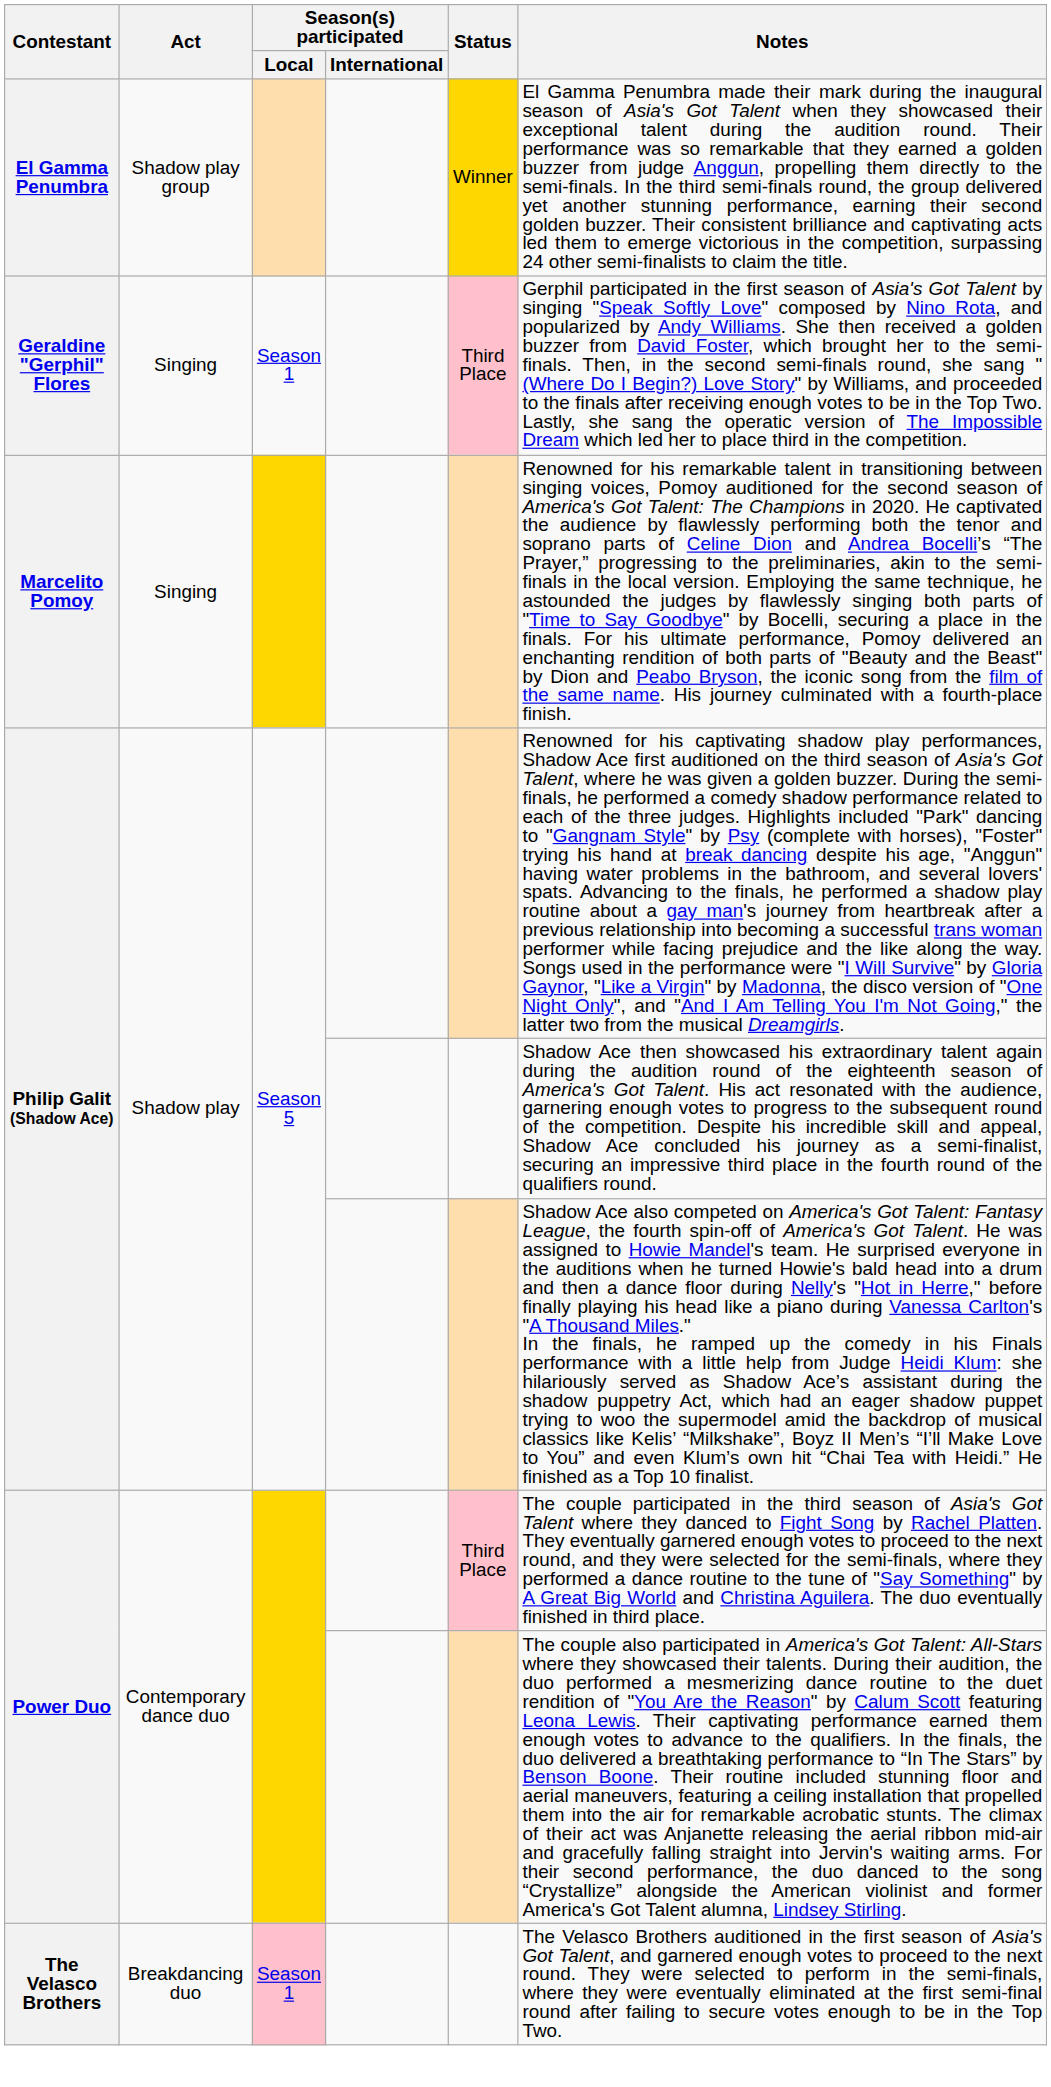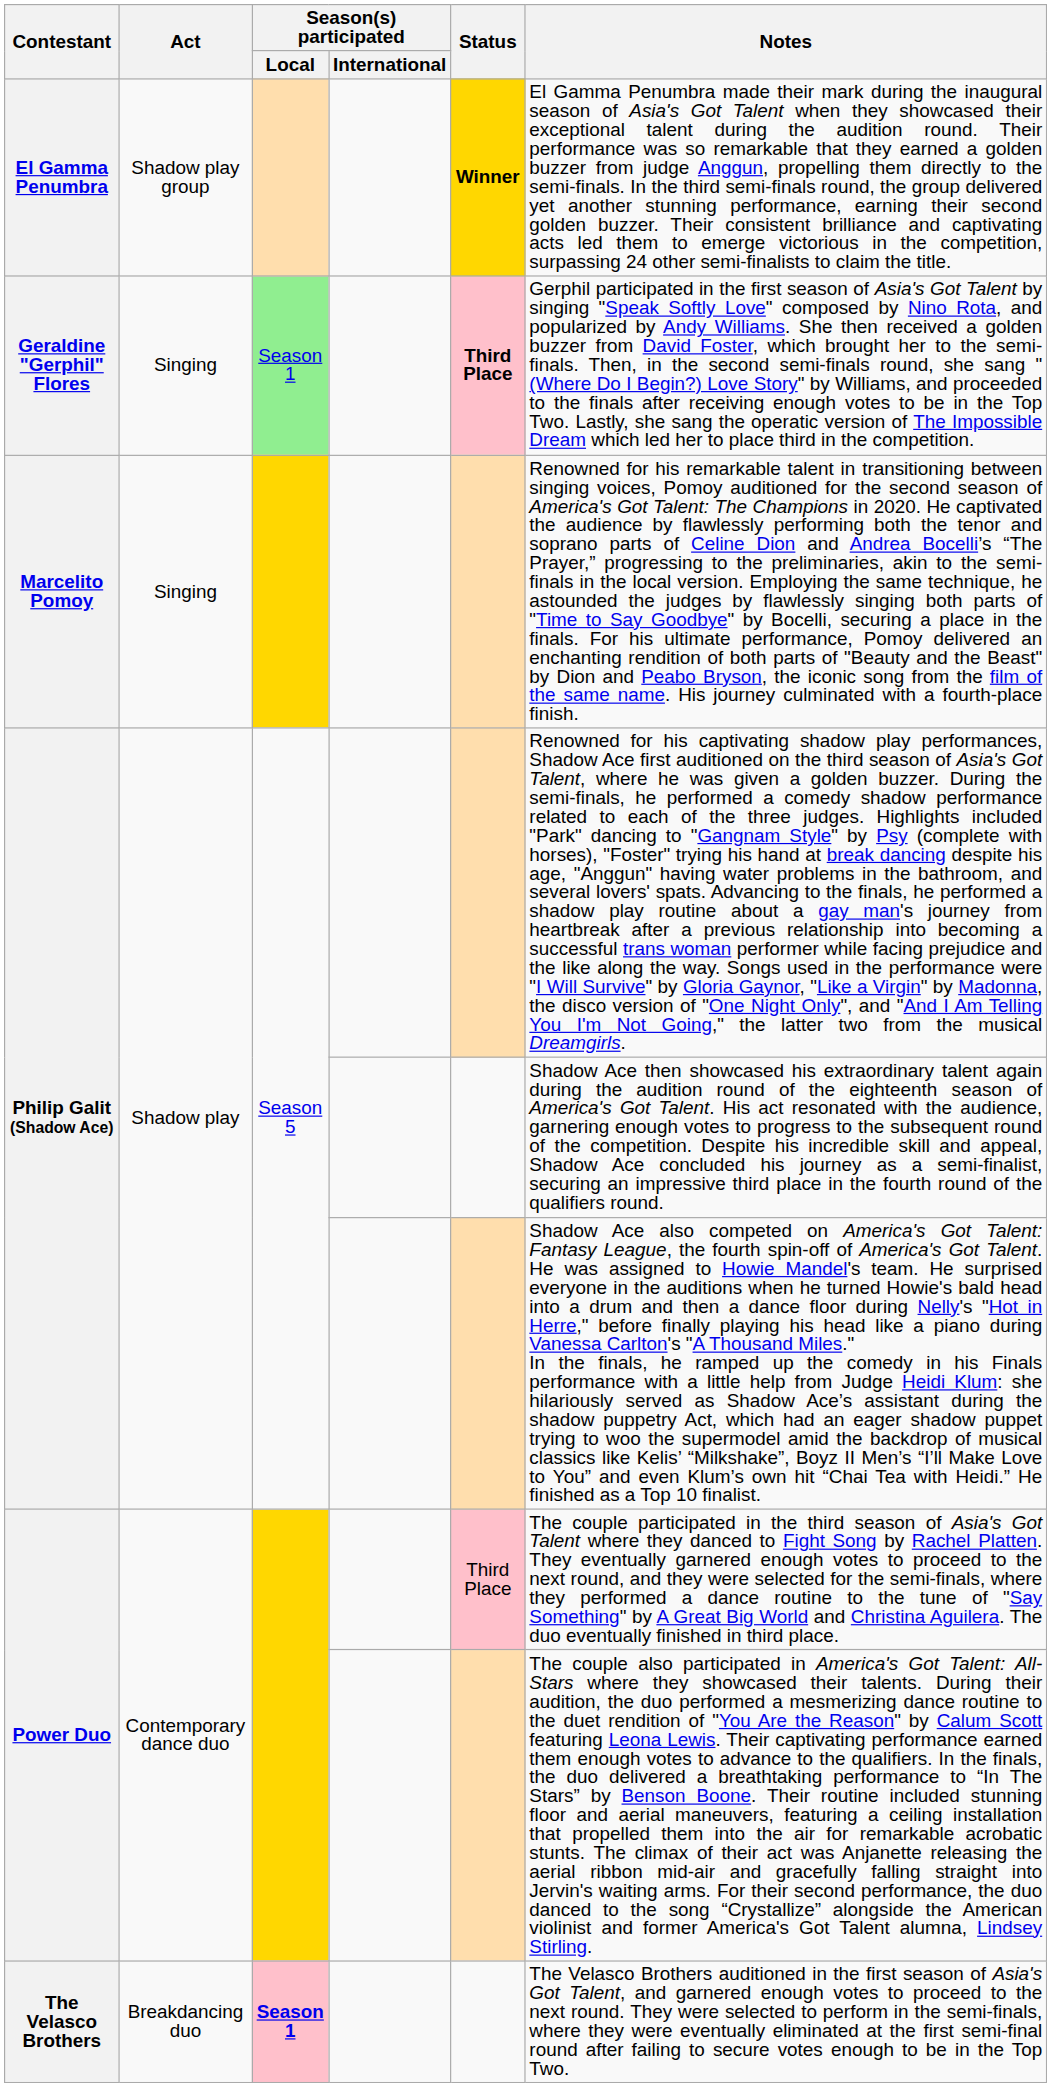 <table class="wikitable collapsible collapsed" style="text-align:center; line-height:16px;" width="100%">
 <tr>
 <th rowspan="2">Contestant</th>
 <th rowspan="2">Act</th>
 <th colspan="2">Season(s) participated</th>
 <th rowspan="2">Status</th>
 <th rowspan="2">Notes</th>
 </tr>
 <tr>
 <th>Local</th>
 <th>International</th>
 </tr>
 <tr>
 <th><a href='#'>El Gamma Penumbra</a></th>
 <td align="center">Shadow play group</td>
 <td style="background:navajowhite;"></td>
 <td><a href='#'></a></td>
-<td style="background:gold;">Winner</td>
+<td style="background:gold;"><strong>Winner</strong></td>
 <td align="justify">El Gamma Penumbra made their mark during the inaugural season of <em>Asia's Got Talent</em> when they showcased their exceptional talent during the audition round. Their performance was so remarkable that they earned a golden buzzer from judge <a href='#'>Anggun</a>, propelling them directly to the semi-finals. In the third semi-finals round, the group delivered yet another stunning performance, earning their second golden buzzer. Their consistent brilliance and captivating acts led them to emerge victorious in the competition, surpassing 24 other semi-finalists to claim the title.</td>
 </tr>
 <tr>
 <th><a href='#'>Geraldine "Gerphil" Flores</a></th>
 <td align="center">Singing</td>
-<td><a href='#'>Season 1</a><br><small></small></td>
+<td style="background: lightgreen;"><a href='#'>Season 1</a><br><small></small></td>
 <td><a href='#'></a></td>
-<td style="background:pink;">Third Place</td>
+<td style="background:pink;"><strong>Third Place</strong></td>
 <td align="justify">Gerphil participated in the first season of <em>Asia's Got Talent</em> by singing "<a href='#'>Speak Softly Love</a>" composed by  <a href='#'>Nino Rota</a>, and popularized by <a href='#'>Andy Williams</a>. She then received a golden buzzer from <a href='#'>David Foster</a>, which brought her to the semi-finals. Then, in the second semi-finals round, she sang "<a href='#'>(Where Do I Begin?) Love Story</a>" by Williams, and proceeded to the finals after receiving enough votes to be in the Top Two. Lastly, she sang the operatic version of <a href='#'>The Impossible Dream</a> which led her to place third in the competition.</td>
 </tr>
 <tr>
 <th><a href='#'>Marcelito Pomoy</a></th>
 <td align="center">Singing</td>
 <td style="background:gold;"></td>
 <td><a href='#'></a></td>
 <td style="background:navajowhite;"></td>
 <td align="justify">Renowned for his remarkable talent in transitioning between singing voices, Pomoy auditioned for the second season of <em>America's Got Talent: The Champions</em> in 2020. He captivated the audience by flawlessly performing both the tenor and soprano parts of <a href='#'>Celine Dion</a> and <a href='#'>Andrea Bocelli</a>’s “The Prayer,” progressing to the preliminaries, akin to the semi-finals in the local version. Employing the same technique, he astounded the judges by flawlessly singing both parts of "<a href='#'>Time to Say Goodbye</a>" by Bocelli, securing a place in the finals. For his ultimate performance, Pomoy delivered an enchanting rendition of both parts of "Beauty and the Beast" by Dion and <a href='#'>Peabo Bryson</a>, the iconic song from the <a href='#'>film of the same name</a>. His journey culminated with a fourth-place finish.</td>
 </tr>
 <tr>
 <th rowspan="3">Philip Galit<br><small>(Shadow Ace)</small></th>
 <td rowspan="3" align="center">Shadow play</td>
 <td rowspan="3"><a href='#'>Season 5</a><br><small></small></td>
 <td><a href='#'></a></td>
 <td style="background:navajowhite;"></td>
 <td align="justify">Renowned for his captivating shadow play performances, Shadow Ace first auditioned on the third season of <em>Asia's Got Talent</em>, where he was given a golden buzzer. During the semi-finals, he performed a comedy shadow performance related to each of the three judges. Highlights included "Park" dancing to "<a href='#'>Gangnam Style</a>" by <a href='#'>Psy</a> (complete with horses), "Foster" trying his hand at <a href='#'>break dancing</a> despite his age, "Anggun" having water problems in the bathroom, and several lovers' spats. Advancing to the finals, he performed a shadow play routine about a <a href='#'>gay man</a>'s journey from heartbreak after a previous relationship into becoming a successful <a href='#'>trans woman</a> performer while facing prejudice and the like along the way. Songs used in the performance were "<a href='#'>I Will Survive</a>" by <a href='#'>Gloria Gaynor</a>, "<a href='#'>Like a Virgin</a>" by <a href='#'>Madonna</a>, the disco version of "<a href='#'>One Night Only</a>", and "<a href='#'>And I Am Telling You I'm Not Going</a>," the latter two from the musical <em><a href='#'>Dreamgirls</a></em>.</td>
 </tr>
 <tr>
 <td><a href='#'></a></td>
 <td></td>
 <td align="justify">Shadow Ace then showcased his extraordinary talent again during the audition round of the eighteenth season of <em>America's Got Talent</em>. His act resonated with the audience, garnering enough votes to progress to the subsequent round of the competition. Despite his incredible skill and appeal, Shadow Ace concluded his journey as a semi-finalist, securing an impressive third place in the fourth round of the qualifiers round.</td>
 </tr>
 <tr>
 <td><a href='#'></a></td>
 <td style="background:navajowhite;"></td>
 <td align="justify">Shadow Ace also competed on <em>America's Got Talent: Fantasy League</em>, the fourth spin-off of <em>America's Got Talent</em>. He was assigned to <a href='#'>Howie Mandel</a>'s team. He surprised everyone in the auditions when he turned Howie's bald head into a drum and then a dance floor during <a href='#'>Nelly</a>'s "<a href='#'>Hot in Herre</a>," before finally playing his head like a piano during <a href='#'>Vanessa Carlton</a>'s "<a href='#'>A Thousand Miles</a>."<br>In the finals, he ramped up the comedy in his Finals performance with a little help from Judge <a href='#'>Heidi Klum</a>:  she hilariously served as Shadow Ace’s assistant during the shadow puppetry Act, which had an eager shadow puppet trying to woo the supermodel amid the backdrop of musical classics like Kelis’ “Milkshake”, Boyz II Men’s “I’ll Make Love to You” and even Klum’s own hit “Chai Tea with Heidi.” He finished as a Top 10 finalist.</td>
 </tr>
 <tr>
 <th rowspan="2"><a href='#'>Power Duo</a></th>
 <td rowspan="2" align="center">Contemporary dance duo</td>
 <td rowspan="2" style="background:gold;"></td>
 <td><a href='#'></a></td>
 <td style="background:pink;">Third Place</td>
 <td align="justify">The couple participated in the third season of <em>Asia's Got Talent</em> where they danced to <a href='#'>Fight Song</a> by <a href='#'>Rachel Platten</a>. They eventually garnered enough votes to proceed to the next round, and they were selected for the semi-finals, where they performed a dance routine to the tune of "<a href='#'>Say Something</a>" by <a href='#'>A Great Big World</a> and <a href='#'>Christina Aguilera</a>. The duo eventually finished in third place.</td>
 </tr>
 <tr>
 <td><a href='#'></a></td>
 <td style="background:navajowhite;"></td>
 <td align="justify">The couple also participated in <em>America's Got Talent: All-Stars</em> where they showcased their talents. During their audition, the duo performed a mesmerizing dance routine to the duet rendition of "<a href='#'>You Are the Reason</a>" by <a href='#'>Calum Scott</a> featuring <a href='#'>Leona Lewis</a>. Their captivating performance earned them enough votes to advance to the qualifiers. In the finals, the duo delivered a breathtaking performance to “In The Stars” by <a href='#'>Benson Boone</a>. Their routine included stunning floor and aerial maneuvers, featuring a ceiling installation that propelled them into the air for remarkable acrobatic stunts. The climax of their act was Anjanette releasing the aerial ribbon mid-air and gracefully falling straight into Jervin's waiting arms. For their second performance, the duo danced to the song “Crystallize” alongside the American violinist and former America's Got Talent alumna, <a href='#'>Lindsey Stirling</a>.</td>
 </tr>
 <tr>
 <th>The Velasco Brothers</th>
 <td align="center">Breakdancing duo</td>
-<td style="background:pink;"><a href='#'>Season 1</a><br><small></small></td>
+<td style="background:pink;"><strong><a href='#'>Season 1</a><br><small></small></strong></td>
 <td><a href='#'></a></td>
 <td></td>
 <td align="justify">The Velasco Brothers auditioned in the first season of <em>Asia's Got Talent</em>, and garnered enough votes to proceed to the next round. They were selected to perform in the semi-finals, where they were eventually eliminated at the first semi-final round after failing to secure votes enough to be in the Top Two.</td>
 </tr>
 </table>
